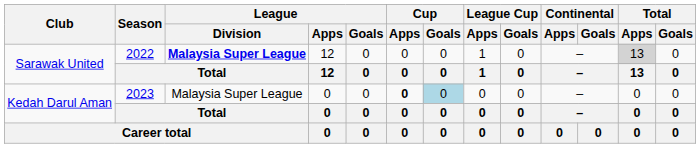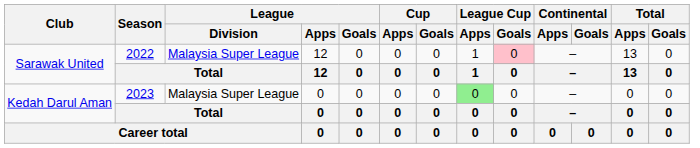 <table class=wikitable style="text-align:center">
 <tr>
 <th rowspan=2>Club</th>
 <th rowspan=2>Season</th>
 <th colspan=3>League</th>
 <th colspan=2>Cup</th>
 <th colspan=2>League Cup</th>
 <th colspan=2>Continental</th>
 <th colspan=2>Total</th>
 </tr>
 <tr>
 <th>Division</th>
 <th>Apps</th>
 <th>Goals</th>
 <th>Apps</th>
 <th>Goals</th>
 <th>Apps</th>
 <th>Goals</th>
 <th>Apps</th>
 <th>Goals</th>
 <th>Apps</th>
 <th>Goals</th>
 </tr>
 <tr>
 <td rowspan="2"><a href='#'>Sarawak United</a></td>
 <td><a href='#'>2022</a></td>
-<td><strong><a href='#'>Malaysia Super League</a></strong></td>
+<td><a href='#'>Malaysia Super League</a></td>
 <td>12</td>
 <td>0</td>
 <td>0</td>
 <td>0</td>
 <td>1</td>
-<td>0</td>
+<td style="background: pink;">0</td>
 <td colspan="2">–</td>
-<td style="background: lightgrey;">13</td>
+<td>13</td>
 <td>0</td>
 </tr>
 <tr>
 <th colspan=2>Total</th>
 <th>12</th>
 <th>0</th>
 <th>0</th>
 <th>0</th>
 <th>1</th>
 <th>0</th>
 <th colspan="2">–</th>
 <th>13</th>
 <th>0</th>
 </tr>
 <tr>
 <td rowspan="2"><a href='#'>Kedah Darul Aman</a></td>
 <td><a href='#'>2023</a></td>
 <td>Malaysia Super League</td>
 <td>0</td>
 <td>0</td>
-<td><strong>0</strong></td>
-<td style="background: lightblue;">0</td>
 <td>0</td>
+<td>0</td>
+<td style="background: lightgreen;">0</td>
 <td>0</td>
 <td colspan="2">–</td>
 <td>0</td>
 <td>0</td>
 </tr>
 <tr>
 <th colspan=2>Total</th>
 <th>0</th>
 <th>0</th>
 <th>0</th>
 <th>0</th>
 <th>0</th>
 <th>0</th>
 <th colspan="2">–</th>
 <th>0</th>
 <th>0</th>
 </tr>
 <tr>
 <th colspan=3>Career total</th>
 <th>0</th>
 <th>0</th>
 <th>0</th>
 <th>0</th>
 <th>0</th>
 <th>0</th>
 <th>0</th>
 <th>0</th>
 <th>0</th>
 <th>0</th>
 </tr>
 </table>
